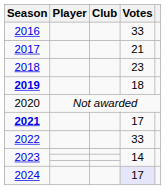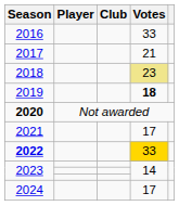 <table class="wikitable sortable" style="text-align:center">
 <tr>
 <th>Season</th>
 <th>Player</th>
 <th>Club</th>
 <th>Votes</th>
 <th class=unsortable></th>
 </tr>
 <tr>
 <td><a href='#'>2016</a></td>
 <td align=left></td>
 <td align=left></td>
 <td>33</td>
 <td></td>
 </tr>
 <tr>
 <td><a href='#'>2017</a></td>
 <td align=left></td>
 <td align=left></td>
 <td>21</td>
 <td></td>
 </tr>
 <tr>
 <td><a href='#'>2018</a></td>
 <td align=left></td>
 <td align=left></td>
-<td>23</td>
+<td style="background: khaki;">23</td>
 <td></td>
 </tr>
 <tr>
-<td><strong><a href='#'>2019</a></strong></td>
+<td><a href='#'>2019</a></td>
 <td align=left></td>
 <td align=left></td>
-<td>18</td>
+<td><strong>18</strong></td>
 <td></td>
 </tr>
 <tr>
-<td>2020</td>
+<td><strong>2020</strong></td>
 <td colspan=4><em>Not awarded</em></td>
 </tr>
 <tr>
-<td><strong><a href='#'>2021</a></strong></td>
+<td><a href='#'>2021</a></td>
 <td align=left></td>
 <td align=left></td>
 <td>17</td>
 <td></td>
 </tr>
 <tr>
-<td><a href='#'>2022</a></td>
+<td><strong><a href='#'>2022</a></strong></td>
 <td align=left></td>
 <td align=left></td>
-<td>33</td>
+<td style="background: gold;">33</td>
 <td></td>
 </tr>
 <tr>
 <td rowspan=3><a href='#'>2023</a></td>
 <td align=left></td>
 <td align=left></td>
 <td rowspan=3>14</td>
 <td rowspan=3></td>
 </tr>
 <tr>
 <td align=left></td>
 <td align=left></td>
 </tr>
 <tr>
 <td align=left></td>
 <td align=left></td>
 </tr>
 <tr>
 <td><a href='#'>2024</a></td>
 <td align=left></td>
 <td align=left></td>
-<td style="background: lavender;">17</td>
+<td>17</td>
 <td></td>
 </tr>
 </table>
